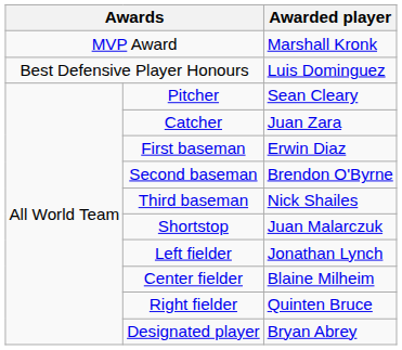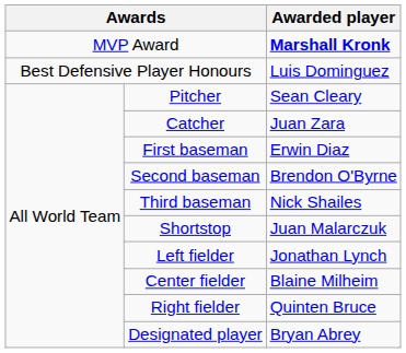 <table class="wikitable" style="text-align:left; white-space:nowrap; margin:10px">
 <tr>
 <th colspan="2">Awards</th>
 <th>Awarded player</th>
 </tr>
 <tr>
 <td colspan="2" style="text-align: center;"><a href='#'>MVP</a> Award</td>
-<td> <a href='#'>Marshall Kronk</a></td>
+<td><strong> <a href='#'>Marshall Kronk</a></strong></td>
 </tr>
 <tr>
 <td colspan="2" style="text-align: center;">Best Defensive Player Honours</td>
 <td> <a href='#'>Luis Dominguez</a></td>
 </tr>
 <tr>
 <td rowspan="11" style="text-align: center;">All World Team</td>
 <td style="text-align: center;"><a href='#'>Pitcher</a></td>
 <td> <a href='#'>Sean Cleary</a></td>
 </tr>
 <tr>
 <td style="text-align: center;"><a href='#'>Catcher</a></td>
 <td> <a href='#'>Juan Zara</a></td>
 </tr>
 <tr>
 <td style="text-align: center;"><a href='#'>First baseman</a></td>
 <td> <a href='#'>Erwin Diaz</a></td>
 </tr>
 <tr>
 <td style="text-align: center;"><a href='#'>Second baseman</a></td>
 <td> <a href='#'>Brendon O'Byrne</a></td>
 </tr>
 <tr>
 <td style="text-align: center;"><a href='#'>Third baseman</a></td>
 <td> <a href='#'>Nick Shailes</a></td>
 </tr>
 <tr>
 <td style="text-align: center;"><a href='#'>Shortstop</a></td>
 <td> <a href='#'>Juan Malarczuk</a></td>
 </tr>
 <tr>
 <td style="text-align: center;"><a href='#'>Left fielder</a></td>
 <td> <a href='#'>Jonathan Lynch</a></td>
 </tr>
 <tr>
 <td style="text-align: center;"><a href='#'>Center fielder</a></td>
 <td> <a href='#'>Blaine Milheim</a></td>
 </tr>
 <tr>
 <td style="text-align: center;"><a href='#'>Right fielder</a></td>
 <td> <a href='#'>Quinten Bruce</a></td>
 </tr>
 <tr>
 <td style="text-align: center;"><a href='#'>Designated player</a></td>
 <td> <a href='#'>Bryan Abrey</a></td>
 </tr>
 </table>
